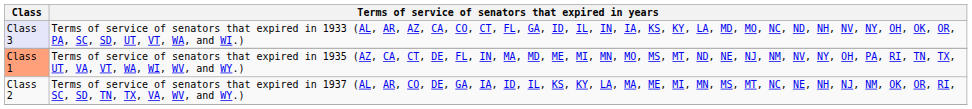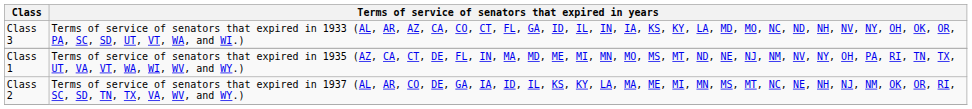 <table class="wikitable sortable">
 <tr valign=bottom>
 <th>Class</th>
 <th>Terms of service of senators that expired in years</th>
 </tr>
 <tr>
-<td style="background: lavender;">Class 3</td>
+<td>Class 3</td>
 <td>Terms of service of senators that expired in 1933 (<a href='#'>AL</a>, <a href='#'>AR</a>, <a href='#'>AZ</a>, <a href='#'>CA</a>, <a href='#'>CO</a>, <a href='#'>CT</a>, <a href='#'>FL</a>, <a href='#'>GA</a>, <a href='#'>ID</a>, <a href='#'>IL</a>, <a href='#'>IN</a>, <a href='#'>IA</a>, <a href='#'>KS</a>, <a href='#'>KY</a>, <a href='#'>LA</a>, <a href='#'>MD</a>, <a href='#'>MO</a>, <a href='#'>NC</a>, <a href='#'>ND</a>, <a href='#'>NH</a>, <a href='#'>NV</a>, <a href='#'>NY</a>, <a href='#'>OH</a>, <a href='#'>OK</a>, <a href='#'>OR</a>, <a href='#'>PA</a>, <a href='#'>SC</a>, <a href='#'>SD</a>, <a href='#'>UT</a>, <a href='#'>VT</a>, <a href='#'>WA</a>, and <a href='#'>WI</a>.)</td>
 </tr>
 <tr>
 </tr>
 <tr>
-<td style="background: lightsalmon;">Class 1</td>
+<td>Class 1</td>
 <td>Terms of service of senators that expired in 1935 (<a href='#'>AZ</a>, <a href='#'>CA</a>, <a href='#'>CT</a>, <a href='#'>DE</a>, <a href='#'>FL</a>, <a href='#'>IN</a>, <a href='#'>MA</a>, <a href='#'>MD</a>, <a href='#'>ME</a>,  <a href='#'>MI</a>, <a href='#'>MN</a>, <a href='#'>MO</a>, <a href='#'>MS</a>, <a href='#'>MT</a>, <a href='#'>ND</a>, <a href='#'>NE</a>, <a href='#'>NJ</a>, <a href='#'>NM</a>, <a href='#'>NV</a>, <a href='#'>NY</a>, <a href='#'>OH</a>, <a href='#'>PA</a>, <a href='#'>RI</a>, <a href='#'>TN</a>, <a href='#'>TX</a>, <a href='#'>UT</a>, <a href='#'>VA</a>, <a href='#'>VT</a>, <a href='#'>WA</a>, <a href='#'>WI</a>, <a href='#'>WV</a>, and <a href='#'>WY</a>.)</td>
 </tr>
 <tr>
 <td>Class 2</td>
 <td>Terms of service of senators that expired in 1937 (<a href='#'>AL</a>, <a href='#'>AR</a>, <a href='#'>CO</a>, <a href='#'>DE</a>, <a href='#'>GA</a>, <a href='#'>IA</a>, <a href='#'>ID</a>, <a href='#'>IL</a>, <a href='#'>KS</a>, <a href='#'>KY</a>, <a href='#'>LA</a>, <a href='#'>MA</a>, <a href='#'>ME</a>, <a href='#'>MI</a>, <a href='#'>MN</a>, <a href='#'>MS</a>, <a href='#'>MT</a>, <a href='#'>NC</a>, <a href='#'>NE</a>, <a href='#'>NH</a>, <a href='#'>NJ</a>, <a href='#'>NM</a>, <a href='#'>OK</a>, <a href='#'>OR</a>, <a href='#'>RI</a>, <a href='#'>SC</a>, <a href='#'>SD</a>, <a href='#'>TN</a>, <a href='#'>TX</a>, <a href='#'>VA</a>, <a href='#'>WV</a>, and <a href='#'>WY</a>.)</td>
 </tr>
 <tr>
 </tr>
 </table>
